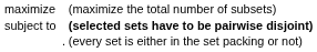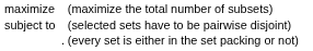 <table>
 <tr>
 <td>maximize</td>
 <td></td>
 <td></td>
 <td>(maximize the total number of subsets)</td>
 </tr>
 <tr>
 <td>subject to</td>
 <td></td>
 <td></td>
-<td><strong>(selected sets have to be pairwise disjoint)</strong></td>
+<td>(selected sets have to be pairwise disjoint)</td>
 </tr>
 <tr>
 <td></td>
 <td></td>
 <td>.</td>
 <td>(every set is either in the set packing or not)</td>
 </tr>
 </table>
